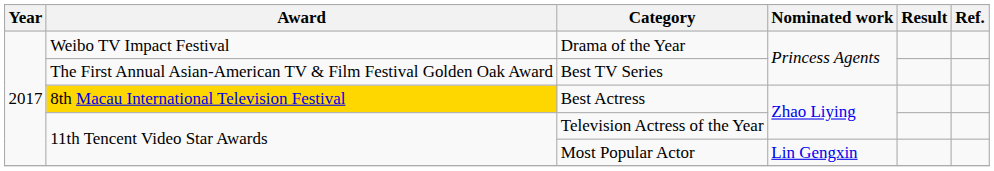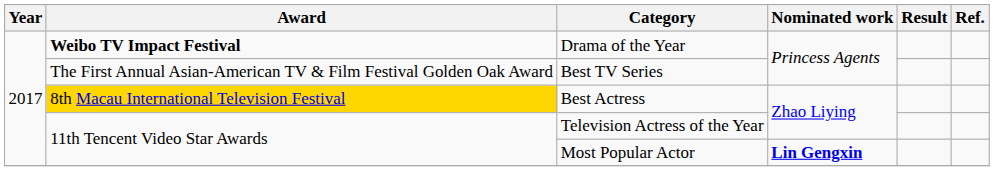 <table class="wikitable">
 <tr>
 <th>Year</th>
 <th>Award</th>
 <th>Category</th>
 <th>Nominated work</th>
 <th>Result</th>
 <th>Ref.</th>
 </tr>
 <tr>
 <td rowspan=5>2017</td>
-<td>Weibo TV Impact Festival</td>
+<td><strong>Weibo TV Impact Festival</strong></td>
 <td>Drama of the Year</td>
 <td rowspan=2><em>Princess Agents</em></td>
 <td></td>
 <td></td>
 </tr>
 <tr>
 <td>The First Annual Asian-American TV & Film Festival Golden Oak Award</td>
 <td>Best TV Series</td>
 <td></td>
 <td></td>
 </tr>
 <tr>
 <td style="background: gold;">8th <a href='#'>Macau International Television Festival</a></td>
 <td>Best Actress</td>
 <td rowspan=2><a href='#'>Zhao Liying</a></td>
 <td></td>
 <td></td>
 </tr>
 <tr>
 <td rowspan=2>11th Tencent Video Star Awards</td>
 <td>Television Actress of the Year</td>
 <td></td>
 <td></td>
 </tr>
 <tr>
 <td>Most Popular Actor</td>
-<td><a href='#'>Lin Gengxin</a></td>
+<td><strong><a href='#'>Lin Gengxin</a></strong></td>
 <td></td>
 <td></td>
 </tr>
 <tr>
 </tr>
 </table>
